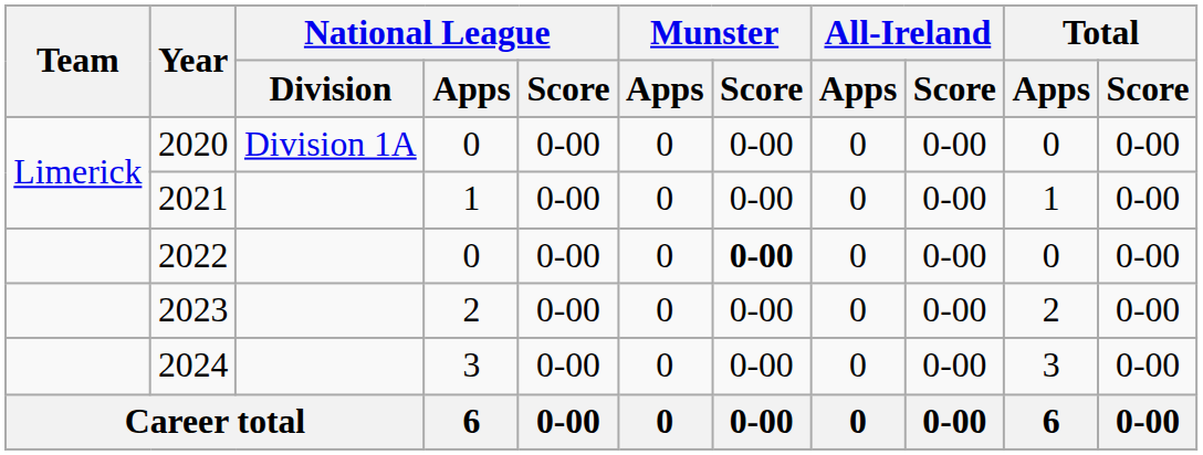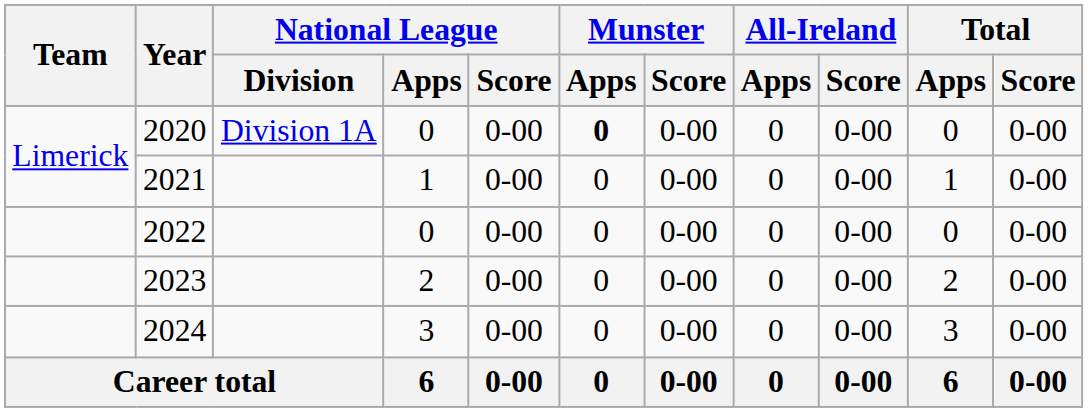 <table class="wikitable" style="text-align:center">
 <tr>
 <th rowspan="2">Team</th>
 <th rowspan="2">Year</th>
 <th colspan="3"><a href='#'>National League</a></th>
 <th colspan="2"><a href='#'>Munster</a></th>
 <th colspan="2"><a href='#'>All-Ireland</a></th>
 <th colspan="2">Total</th>
 </tr>
 <tr>
 <th>Division</th>
 <th>Apps</th>
 <th>Score</th>
 <th>Apps</th>
 <th>Score</th>
 <th>Apps</th>
 <th>Score</th>
 <th>Apps</th>
 <th>Score</th>
 </tr>
 <tr>
 <td rowspan="2"><a href='#'>Limerick</a></td>
 <td>2020</td>
 <td rowspan="1"><a href='#'>Division 1A</a></td>
 <td>0</td>
 <td>0-00</td>
-<td>0</td>
+<td><strong>0</strong></td>
 <td>0-00</td>
 <td>0</td>
 <td>0-00</td>
 <td>0</td>
 <td>0-00</td>
 </tr>
 <tr>
 <td>2021</td>
 <td></td>
 <td>1</td>
 <td>0-00</td>
 <td>0</td>
 <td>0-00</td>
 <td>0</td>
 <td>0-00</td>
 <td>1</td>
 <td>0-00</td>
 </tr>
 <tr>
 <td></td>
 <td>2022</td>
 <td></td>
 <td>0</td>
 <td>0-00</td>
 <td>0</td>
-<td><strong>0-00</strong></td>
+<td>0-00</td>
 <td>0</td>
 <td>0-00</td>
 <td>0</td>
 <td>0-00</td>
 </tr>
 <tr>
 <td></td>
 <td>2023</td>
 <td></td>
 <td>2</td>
 <td>0-00</td>
 <td>0</td>
 <td>0-00</td>
 <td>0</td>
 <td>0-00</td>
 <td>2</td>
 <td>0-00</td>
 </tr>
 <tr>
 <td></td>
 <td>2024</td>
 <td></td>
 <td>3</td>
 <td>0-00</td>
 <td>0</td>
 <td>0-00</td>
 <td>0</td>
 <td>0-00</td>
 <td>3</td>
 <td>0-00</td>
 </tr>
 <tr>
 <th colspan="3">Career total</th>
 <th>6</th>
 <th>0-00</th>
 <th>0</th>
 <th>0-00</th>
 <th>0</th>
 <th>0-00</th>
 <th>6</th>
 <th>0-00</th>
 </tr>
 </table>
